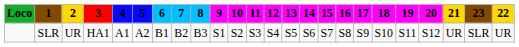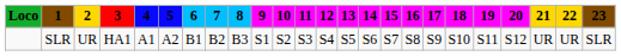 <table class="wikitable plainrowheaders unsortable" style="text-align:center">
 <tr>
 <th scope="col" rowspan="1" style="background:#12ad2b;"><span> Loco</span></th>
 <th scope="col" rowspan="1" style="background:#804a00;"><span> 1</span></th>
 <th scope="col" rowspan="1" style="background:#ffd801;"><span> 2</span></th>
 <th scope="col" rowspan="1" style="background:#ff0000;"><span> 3</span></th>
 <th scope="col" rowspan="1" style="background:#0909ff;"><span> 4</span></th>
 <th scope="col" rowspan="1" style="background:#0909ff;"><span> 5</span></th>
 <th scope="col" rowspan="1" style="background:#00bfff;"><span> 6</span></th>
 <th scope="col" rowspan="1" style="background:#00bfff;"><span> 7</span></th>
 <th scope="col" rowspan="1" style="background:#00bfff;"><span> 8</span></th>
 <th scope="col" rowspan="1" style="background:#ff00ff;"><span> 9</span></th>
 <th scope="col" rowspan="1" style="background:#ff00ff;"><span> 10</span></th>
 <th scope="col" rowspan="1" style="background:#ff00ff;"><span> 11</span></th>
 <th scope="col" rowspan="1" style="background:#ff00ff;"><span> 12</span></th>
 <th scope="col" rowspan="1" style="background:#ff00ff;"><span> 13</span></th>
 <th scope="col" rowspan="1" style="background:#ff00ff;"><span> 14</span></th>
 <th scope="col" rowspan="1" style="background:#ff00ff;"><span> 15</span></th>
 <th scope="col" rowspan="1" style="background:#ff00ff;"><span> 16</span></th>
 <th scope="col" rowspan="1" style="background:#ff00ff;"><span> 17</span></th>
 <th scope="col" rowspan="1" style="background:#ff00ff;"><span> 18</span></th>
 <th scope="col" rowspan="1" style="background:#ff00ff;"><span> 19</span></th>
 <th scope="col" rowspan="1" style="background:#ff00ff;"><span> 20</span></th>
 <th scope="col" rowspan="1" style="background:#ffd801;"><span> 21</span></th>
+<th scope="col" rowspan="1" style="background:#ffd801;"><span> 22</span></th>
 <th scope="col" rowspan="1" style="background:#804a00;"><span> 23</span></th>
-<th scope="col" rowspan="1" style="background:#ffd801;"><span> 22</span></th>
 </tr>
 <tr>
 <td></td>
 <td><span> SLR</span></td>
 <td><span>UR</span></td>
 <td><span>HA1</span></td>
 <td><span>A1</span></td>
 <td><span>A2</span></td>
 <td><span>B1</span></td>
 <td><span>B2</span></td>
 <td><span>B3</span></td>
 <td><span>S1</span></td>
 <td><span>S2</span></td>
 <td><span>S3</span></td>
 <td><span>S4</span></td>
 <td><span>S5</span></td>
 <td><span>S6</span></td>
 <td><span>S7</span></td>
 <td><span>S8</span></td>
 <td><span>S9</span></td>
 <td><span>S10</span></td>
 <td><span>S11</span></td>
 <td><span>S12</span></td>
 <td><span>UR</span></td>
+<td><span>UR</span></td>
 <td><span>SLR</span></td>
-<td><span>UR</span></td>
 </tr>
 </table>
